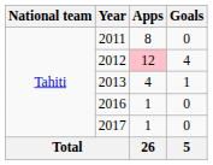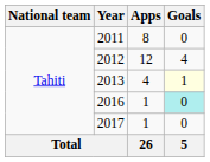 <table class="wikitable" style="text-align:center">
 <tr>
 <th>National team</th>
 <th>Year</th>
 <th>Apps</th>
 <th>Goals</th>
 </tr>
 <tr>
 <td rowspan="5"><a href='#'>Tahiti</a></td>
 <td>2011</td>
 <td>8</td>
 <td>0</td>
 </tr>
 <tr>
 <td>2012</td>
-<td style="background: pink;">12</td>
+<td>12</td>
 <td>4</td>
 </tr>
 <tr>
 <td>2013</td>
 <td>4</td>
-<td>1</td>
+<td style="background: lightyellow;">1</td>
 </tr>
 <tr>
 <td>2016</td>
 <td>1</td>
-<td>0</td>
+<td style="background: paleturquoise;">0</td>
 </tr>
 <tr>
 <td>2017</td>
 <td>1</td>
 <td>0</td>
 </tr>
 <tr>
 <th colspan="2">Total</th>
 <th>26</th>
 <th>5</th>
 </tr>
 </table>
